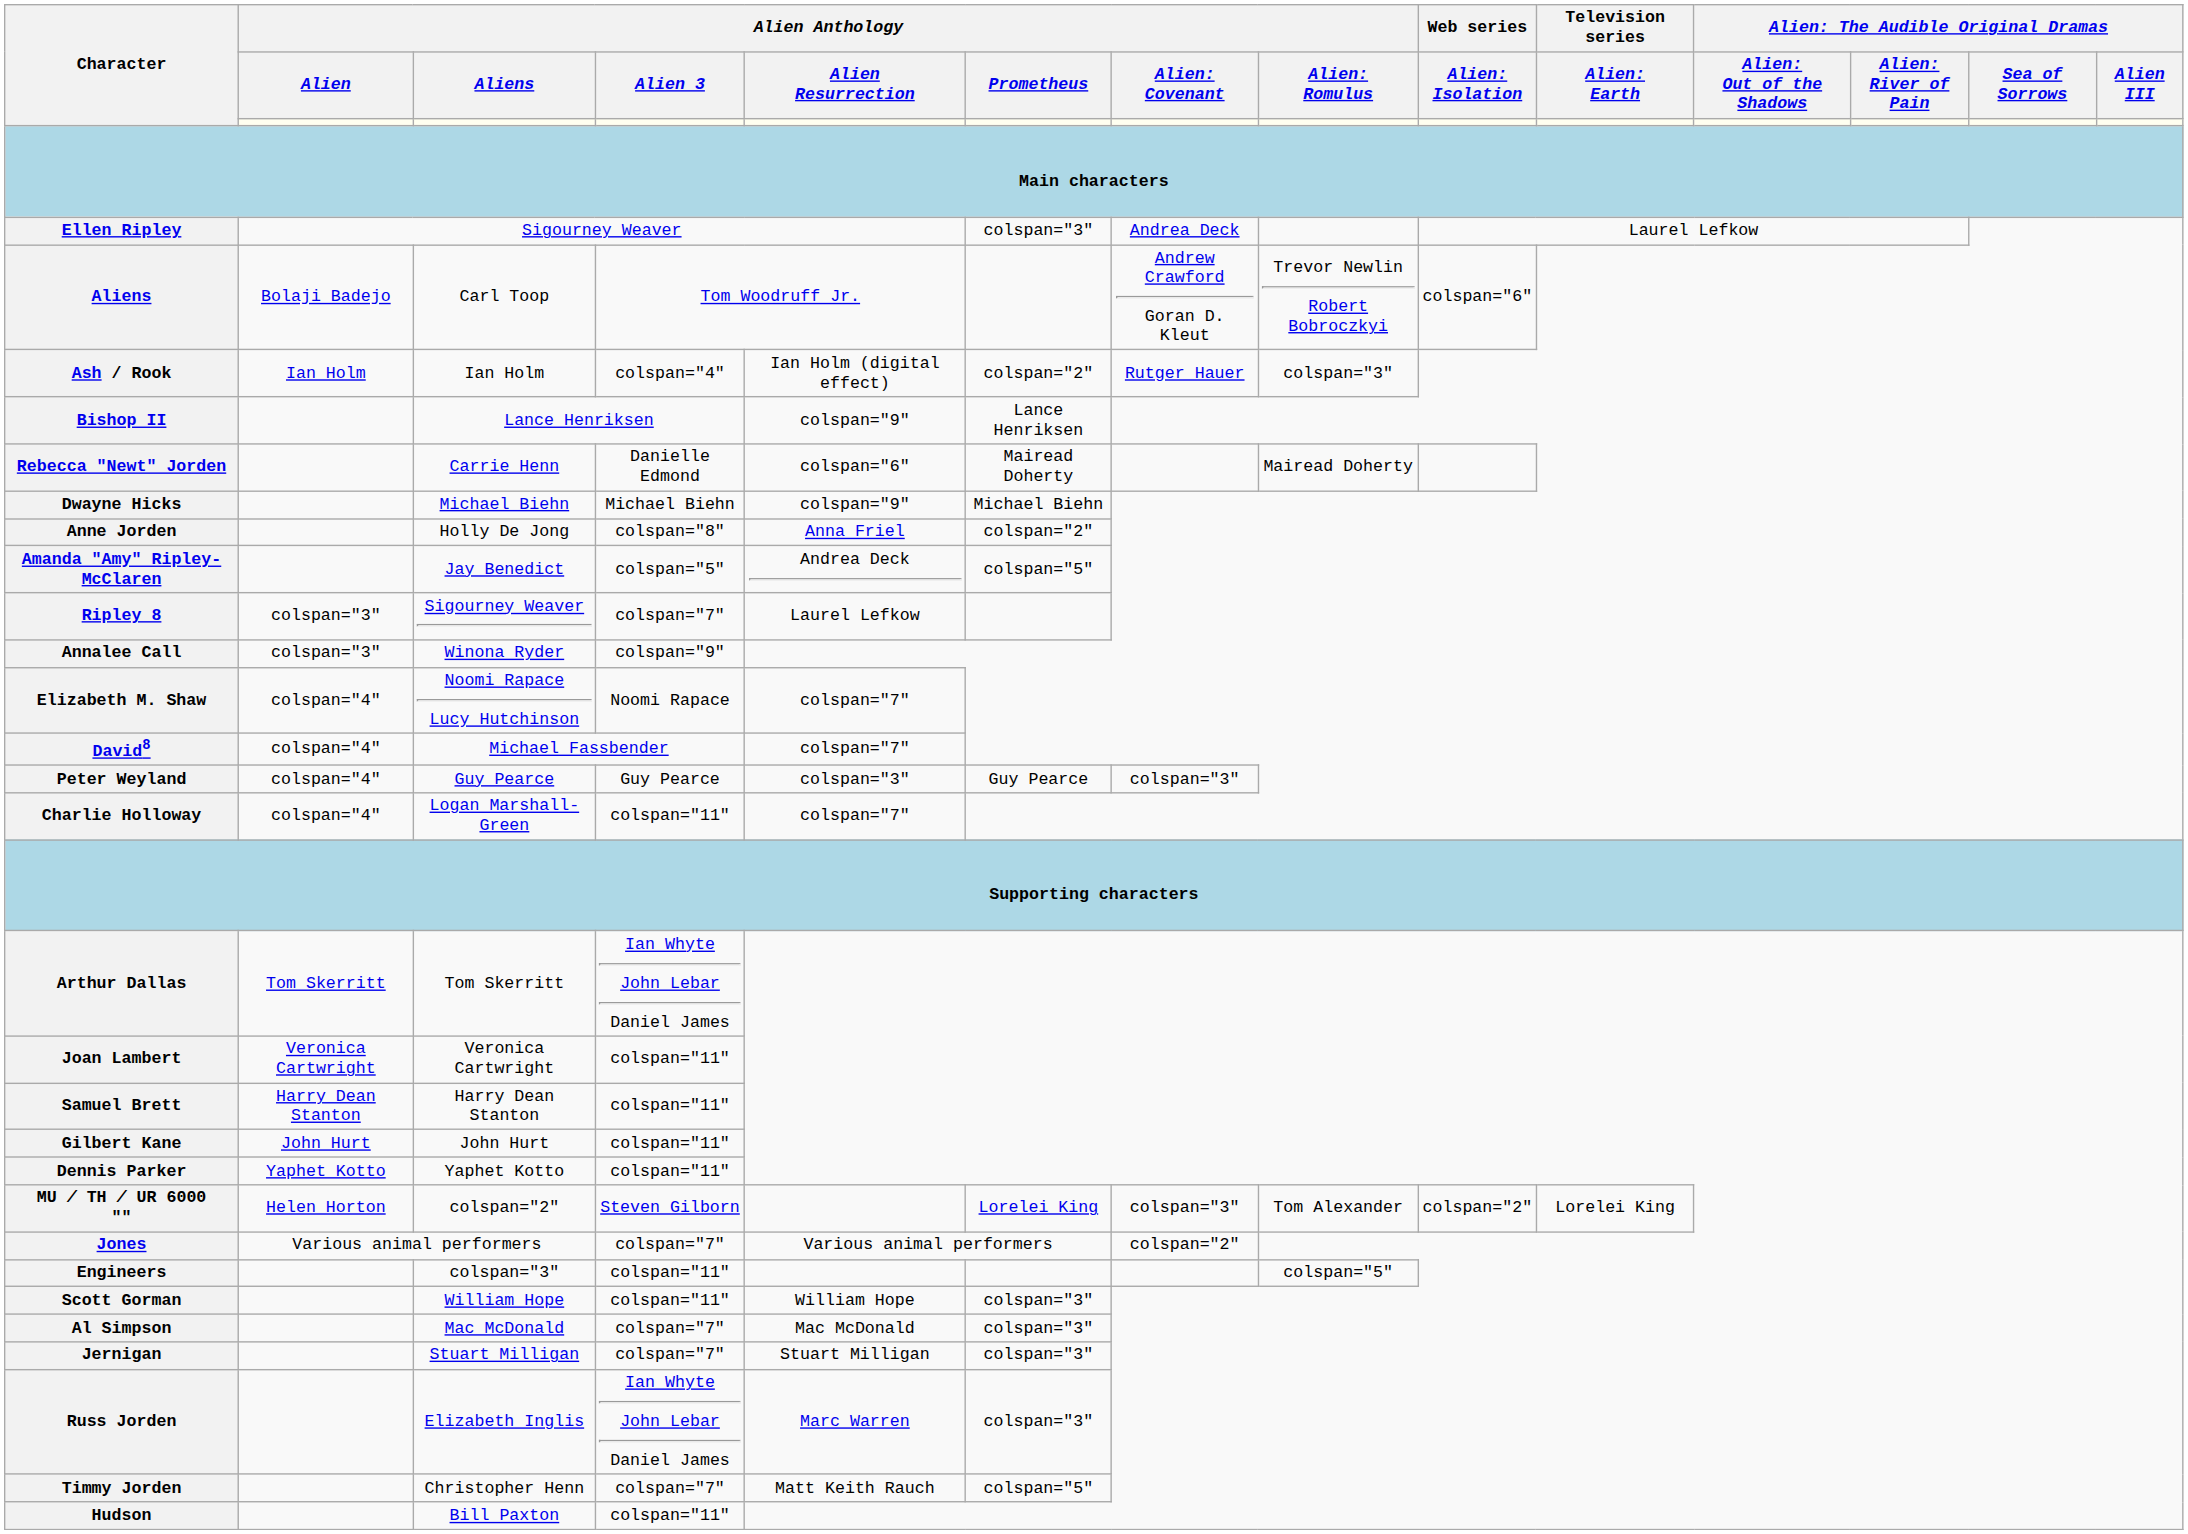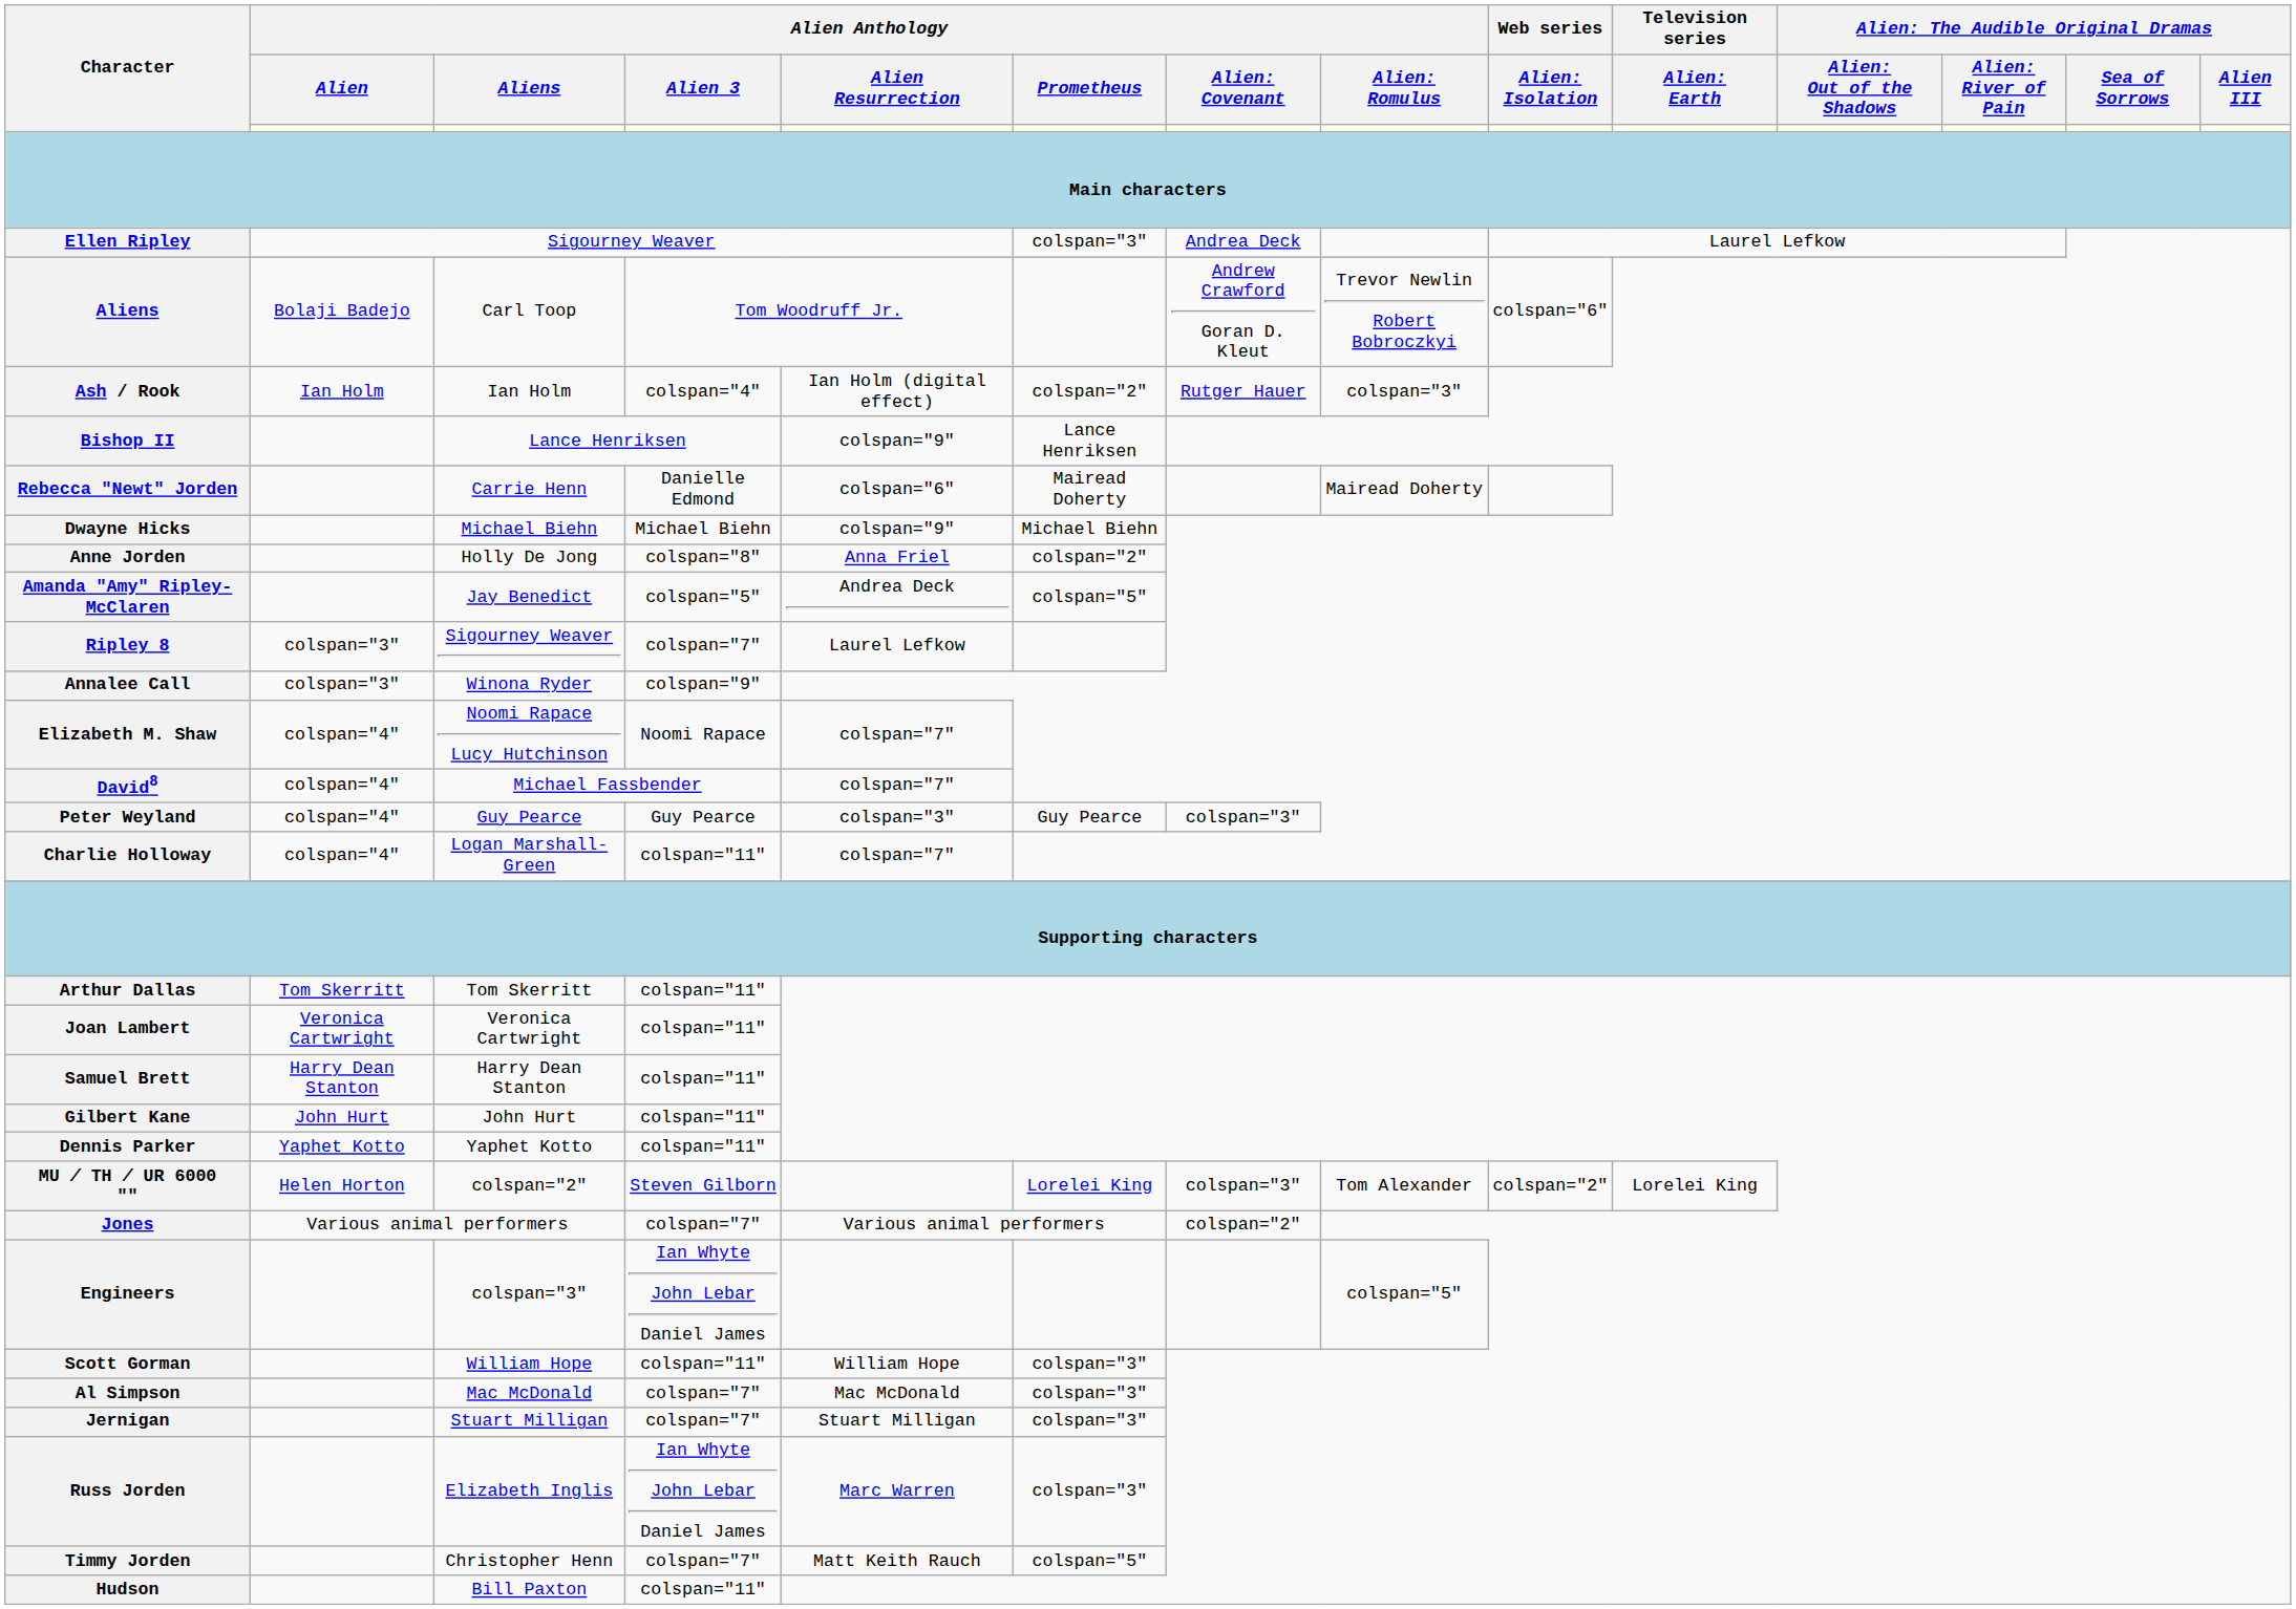 <table class="wikitable" style="text-align:center; width:99%; font-size:92%">
 <tr>
 <th scope="col" rowspan="3">Character</th>
 <th scope="col" colspan="7"><em>Alien Anthology</em></th>
 <th>Web series</th>
 <th>Television series</th>
 <th scope="col" colspan="4"><em><a href='#'>Alien: The Audible Original Dramas</a></em></th>
 </tr>
 <tr>
 <th scope="col"><em><a href='#'>Alien</a></em></th>
 <th scope="col"><em><a href='#'>Aliens</a></em></th>
 <th scope="col"><em><a href='#'>Alien 3</a></em></th>
 <th scope="col"><em><a href='#'>Alien<br>Resurrection</a></em></th>
 <th scope="col"><em><a href='#'>Prometheus</a></em></th>
 <th scope="col"><em><a href='#'>Alien:<br>Covenant</a></em></th>
 <th scope="col"><em><a href='#'>Alien:<br>Romulus</a></em></th>
 <th scope="col"><em><a href='#'>Alien:<br>Isolation</a></em></th>
 <th scope="col"><em><a href='#'>Alien:<br>Earth</a></em></th>
 <th scope="col"><em><a href='#'>Alien:<br>Out of the Shadows</a></em></th>
 <th scope="col"><em><a href='#'>Alien:<br>River of Pain</a></em></th>
 <th scope="col"><em><a href='#'>Sea of Sorrows</a></em></th>
 <th scope="col"><em><a href='#'>Alien III</a></em></th>
 </tr>
 <tr>
 <td style="background:ivory;"></td>
 <td style="background:ivory;"></td>
 <td style="background:ivory;"></td>
 <td style="background:ivory;"></td>
 <td style="background:ivory;"></td>
 <td style="background:ivory;"></td>
 <td style="background:ivory;"></td>
 <td style="background:ivory;"></td>
 <td style="background:ivory;"></td>
 <td style="background:ivory;"></td>
 <td style="background:ivory;"></td>
 <td style="background:ivory;"></td>
 <td style="background:ivory;"></td>
 </tr>
 <tr>
 <th colspan="14" style="background:lightblue;"><br><h4>Main characters</h4></th>
 </tr>
 <tr>
 <th><a href='#'>Ellen Ripley</a></th>
 <td colspan="4"><a href='#'>Sigourney Weaver</a></td>
 <td>colspan="3" </td>
 <td><a href='#'>Andrea Deck</a></td>
 <td></td>
 <td colspan="4">Laurel Lefkow</td>
 </tr>
 <tr>
 <th><a href='#'>Aliens</a></th>
 <td><a href='#'>Bolaji Badejo</a></td>
 <td>Carl Toop</td>
 <td colspan="2"><a href='#'>Tom Woodruff Jr.</a></td>
 <td></td>
 <td><a href='#'>Andrew Crawford</a><hr>Goran D. Kleut</td>
 <td>Trevor Newlin<hr><a href='#'>Robert Bobroczkyi</a></td>
 <td>colspan="6" </td>
 </tr>
 <tr>
 <th><a href='#'>Ash</a> / Rook</th>
 <td><a href='#'>Ian Holm</a></td>
 <td>Ian Holm</td>
 <td>colspan="4" </td>
 <td>Ian Holm (digital effect)</td>
 <td>colspan="2" </td>
 <td><a href='#'>Rutger Hauer</a></td>
 <td>colspan="3" </td>
 </tr>
 <tr>
 <th><a href='#'>Bishop II<br></a></th>
 <td></td>
 <td colspan="2"><a href='#'>Lance Henriksen</a></td>
 <td>colspan="9" </td>
 <td>Lance Henriksen</td>
 </tr>
 <tr>
 <th><a href='#'>Rebecca "Newt" Jorden</a></th>
 <td></td>
 <td><a href='#'>Carrie Henn</a></td>
 <td>Danielle Edmond</td>
 <td>colspan="6" </td>
 <td>Mairead Doherty</td>
 <td></td>
 <td>Mairead Doherty</td>
 <td></td>
 </tr>
 <tr>
 <th>Dwayne Hicks</th>
 <td></td>
 <td><a href='#'>Michael Biehn</a></td>
 <td>Michael Biehn</td>
 <td>colspan="9" </td>
 <td>Michael Biehn</td>
 </tr>
 <tr>
 <th>Anne Jorden</th>
 <td></td>
 <td>Holly De Jong</td>
 <td>colspan="8" </td>
 <td><a href='#'>Anna Friel</a></td>
 <td>colspan="2" </td>
 </tr>
 <tr>
 <th><a href='#'>Amanda "Amy" Ripley-McClaren</a></th>
 <td></td>
 <td><a href='#'>Jay Benedict</a></td>
 <td>colspan="5" </td>
 <td>Andrea Deck<hr></td>
 <td>colspan="5" </td>
 </tr>
 <tr>
 <th><a href='#'>Ripley 8</a></th>
 <td>colspan="3" </td>
 <td><a href='#'>Sigourney Weaver</a><hr></td>
 <td>colspan="7" </td>
 <td>Laurel Lefkow</td>
 <td></td>
 </tr>
 <tr>
 <th>Annalee Call</th>
 <td>colspan="3" </td>
 <td><a href='#'>Winona Ryder</a></td>
 <td>colspan="9" </td>
 </tr>
 <tr>
 <th>Elizabeth M. Shaw</th>
 <td>colspan="4" </td>
 <td><a href='#'>Noomi Rapace</a><hr><a href='#'>Lucy Hutchinson</a></td>
 <td>Noomi Rapace</td>
 <td>colspan="7" </td>
 </tr>
 <tr>
 <th><a href='#'>David<sup>8</sup></a></th>
 <td>colspan="4" </td>
 <td colspan="2"><a href='#'>Michael Fassbender</a></td>
 <td>colspan="7" </td>
 </tr>
 <tr>
 <th>Peter Weyland</th>
 <td>colspan="4" </td>
 <td><a href='#'>Guy Pearce</a></td>
 <td>Guy Pearce</td>
 <td>colspan="3" </td>
 <td>Guy Pearce</td>
 <td>colspan="3" </td>
 </tr>
 <tr>
 <th>Charlie Holloway</th>
 <td>colspan="4" </td>
 <td><a href='#'>Logan Marshall-Green</a></td>
 <td>colspan="11" </td>
 <td>colspan="7" </td>
 </tr>
 <tr>
 <th colspan="14" style="background:lightblue;"><br><h4>Supporting characters</h4></th>
 </tr>
 <tr>
 <th>Arthur Dallas</th>
 <td><a href='#'>Tom Skerritt</a></td>
 <td>Tom Skerritt</td>
-<td><a href='#'>Ian Whyte</a><hr><a href='#'>John Lebar</a><hr>Daniel James</td>
+<td>colspan="11" </td>
 </tr>
 <tr>
 <th>Joan Lambert</th>
 <td><a href='#'>Veronica Cartwright</a></td>
 <td>Veronica Cartwright</td>
 <td>colspan="11" </td>
 </tr>
 <tr>
 <th>Samuel Brett</th>
 <td><a href='#'>Harry Dean Stanton</a></td>
 <td>Harry Dean Stanton</td>
 <td>colspan="11" </td>
 </tr>
 <tr>
 <th>Gilbert Kane</th>
 <td><a href='#'>John Hurt</a></td>
 <td>John Hurt</td>
 <td>colspan="11" </td>
 </tr>
 <tr>
 <th>Dennis Parker</th>
 <td><a href='#'>Yaphet Kotto</a></td>
 <td>Yaphet Kotto</td>
 <td>colspan="11" </td>
 </tr>
 <tr>
 <th>MU <em>/</em> TH <em>/</em> UR 6000<br>""</th>
 <td><a href='#'>Helen Horton</a></td>
 <td>colspan="2" </td>
 <td><a href='#'>Steven Gilborn</a></td>
 <td></td>
 <td><a href='#'>Lorelei King</a></td>
 <td>colspan="3" </td>
 <td>Tom Alexander</td>
 <td>colspan="2" </td>
 <td>Lorelei King</td>
 </tr>
 <tr>
 <th><a href='#'>Jones</a></th>
 <td colspan="2">Various animal performers</td>
 <td>colspan="7" </td>
 <td colspan="2">Various animal performers</td>
 <td>colspan="2" </td>
 </tr>
 <tr>
 <th>Engineers</th>
 <td></td>
 <td>colspan="3" </td>
-<td>colspan="11" </td>
+<td><a href='#'>Ian Whyte</a><hr><a href='#'>John Lebar</a><hr>Daniel James</td>
 <td></td>
 <td></td>
 <td></td>
 <td>colspan="5" </td>
 </tr>
 <tr>
 <th>Scott Gorman</th>
 <td></td>
 <td><a href='#'>William Hope</a></td>
 <td>colspan="11" </td>
 <td>William Hope</td>
 <td>colspan="3" </td>
 </tr>
 <tr>
 <th>Al Simpson</th>
 <td></td>
 <td><a href='#'>Mac McDonald</a></td>
 <td>colspan="7" </td>
 <td>Mac McDonald</td>
 <td>colspan="3" </td>
 </tr>
 <tr>
 <th>Jernigan</th>
 <td></td>
 <td><a href='#'>Stuart Milligan</a></td>
 <td>colspan="7" </td>
 <td>Stuart Milligan</td>
 <td>colspan="3" </td>
 </tr>
 <tr>
 <th>Russ Jorden</th>
 <td></td>
 <td><a href='#'>Elizabeth Inglis</a></td>
 <td><a href='#'>Ian Whyte</a><hr><a href='#'>John Lebar</a><hr>Daniel James</td>
 <td><a href='#'>Marc Warren</a></td>
 <td>colspan="3" </td>
 </tr>
 <tr>
 <th>Timmy Jorden</th>
 <td></td>
 <td>Christopher Henn</td>
 <td>colspan="7" </td>
 <td>Matt Keith Rauch</td>
 <td>colspan="5" </td>
 </tr>
 <tr>
 <th>Hudson</th>
 <td></td>
 <td><a href='#'>Bill Paxton</a></td>
 <td>colspan="11" </td>
 </tr>
 </table>
